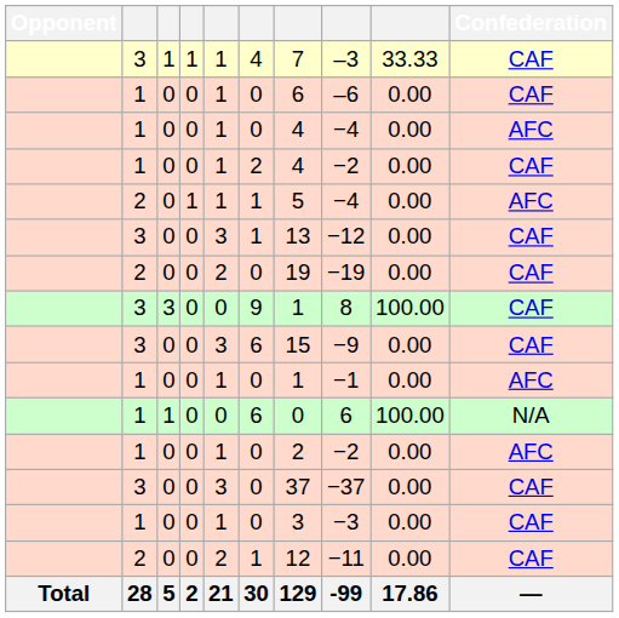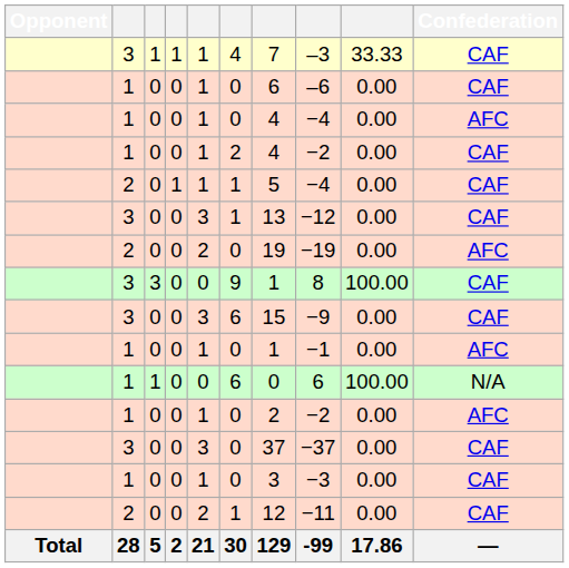 <table class="wikitable sortable" style="text-align:center;">
 <tr style="color:white">
 <th>Opponent</th>
 <th></th>
 <th></th>
 <th></th>
 <th></th>
 <th></th>
 <th></th>
 <th></th>
 <th></th>
 <th>Confederation</th>
 </tr>
 <tr bgcolor="#FFFFCC">
 <td style="text-align:left;"></td>
 <td>3</td>
 <td>1</td>
 <td>1</td>
 <td>1</td>
 <td>4</td>
 <td>7</td>
 <td>–3</td>
 <td>33.33</td>
 <td><a href='#'>CAF</a></td>
 </tr>
 <tr bgcolor="#FFDACC">
 <td style="text-align:left;"></td>
 <td>1</td>
 <td>0</td>
 <td>0</td>
 <td>1</td>
 <td>0</td>
 <td>6</td>
 <td>–6</td>
 <td>0.00</td>
 <td><a href='#'>CAF</a></td>
 </tr>
 <tr bgcolor="#FFDACC">
 <td style="text-align:left;"></td>
 <td>1</td>
 <td>0</td>
 <td>0</td>
 <td>1</td>
 <td>0</td>
 <td>4</td>
 <td>−4</td>
 <td>0.00</td>
 <td><a href='#'>AFC</a></td>
 </tr>
 <tr bgcolor="#FFDACC">
 <td style="text-align:left;"></td>
 <td>1</td>
 <td>0</td>
 <td>0</td>
 <td>1</td>
 <td>2</td>
 <td>4</td>
 <td>−2</td>
 <td>0.00</td>
 <td><a href='#'>CAF</a></td>
 </tr>
 <tr bgcolor="#FFDACC">
 <td style="text-align:left;"></td>
 <td>2</td>
 <td>0</td>
 <td>1</td>
 <td>1</td>
 <td>1</td>
 <td>5</td>
 <td>−4</td>
 <td>0.00</td>
-<td><a href='#'>AFC</a></td>
+<td><a href='#'>CAF</a></td>
 </tr>
 <tr bgcolor="#FFDACC">
 <td style="text-align:left;"></td>
 <td>3</td>
 <td>0</td>
 <td>0</td>
 <td>3</td>
 <td>1</td>
 <td>13</td>
 <td>−12</td>
 <td>0.00</td>
 <td><a href='#'>CAF</a></td>
 </tr>
 <tr bgcolor="#FFDACC">
 <td style="text-align:left;"></td>
 <td>2</td>
 <td>0</td>
 <td>0</td>
 <td>2</td>
 <td>0</td>
 <td>19</td>
 <td>−19</td>
 <td>0.00</td>
-<td><a href='#'>CAF</a></td>
+<td><a href='#'>AFC</a></td>
 </tr>
 <tr bgcolor="#CCFFCC">
 <td style="text-align:left;"></td>
 <td>3</td>
 <td>3</td>
 <td>0</td>
 <td>0</td>
 <td>9</td>
 <td>1</td>
 <td>8</td>
 <td>100.00</td>
 <td><a href='#'>CAF</a></td>
 </tr>
 <tr bgcolor="#FFDACC">
 <td style="text-align:left;"></td>
 <td>3</td>
 <td>0</td>
 <td>0</td>
 <td>3</td>
 <td>6</td>
 <td>15</td>
 <td>−9</td>
 <td>0.00</td>
 <td><a href='#'>CAF</a></td>
 </tr>
 <tr bgcolor="#FFDACC">
 <td style="text-align:left;"></td>
 <td>1</td>
 <td>0</td>
 <td>0</td>
 <td>1</td>
 <td>0</td>
 <td>1</td>
 <td>−1</td>
 <td>0.00</td>
 <td><a href='#'>AFC</a></td>
 </tr>
 <tr bgcolor="#CCFFCC">
 <td style="text-align:left;"></td>
 <td>1</td>
 <td>1</td>
 <td>0</td>
 <td>0</td>
 <td>6</td>
 <td>0</td>
 <td>6</td>
 <td>100.00</td>
 <td>N/A</td>
 </tr>
 <tr bgcolor="#FFDACC">
 <td style="text-align:left;"></td>
 <td>1</td>
 <td>0</td>
 <td>0</td>
 <td>1</td>
 <td>0</td>
 <td>2</td>
 <td>−2</td>
 <td>0.00</td>
 <td><a href='#'>AFC</a></td>
 </tr>
 <tr bgcolor="#FFDACC">
 <td style="text-align:left;"></td>
 <td>3</td>
 <td>0</td>
 <td>0</td>
 <td>3</td>
 <td>0</td>
 <td>37</td>
 <td>−37</td>
 <td>0.00</td>
 <td><a href='#'>CAF</a></td>
 </tr>
 <tr bgcolor="#FFDACC">
 <td style="text-align:left;"></td>
 <td>1</td>
 <td>0</td>
 <td>0</td>
 <td>1</td>
 <td>0</td>
 <td>3</td>
 <td>−3</td>
 <td>0.00</td>
 <td><a href='#'>CAF</a></td>
 </tr>
 <tr bgcolor="#FFDACC">
 <td style="text-align:left;"></td>
 <td>2</td>
 <td>0</td>
 <td>0</td>
 <td>2</td>
 <td>1</td>
 <td>12</td>
 <td>−11</td>
 <td>0.00</td>
 <td><a href='#'>CAF</a></td>
 </tr>
 <tr>
 <th>Total</th>
 <th>28</th>
 <th>5</th>
 <th>2</th>
 <th>21</th>
 <th>30</th>
 <th>129</th>
 <th>-99</th>
 <th>17.86</th>
 <th>—</th>
 </tr>
 </table>
